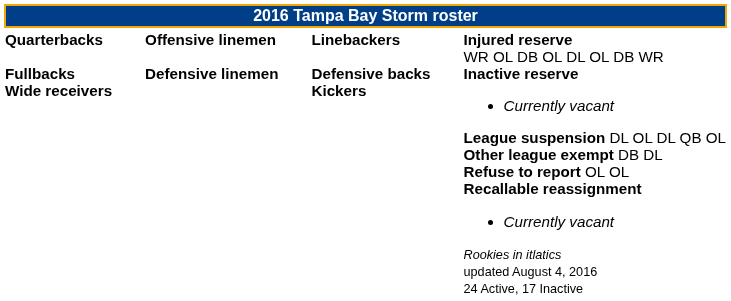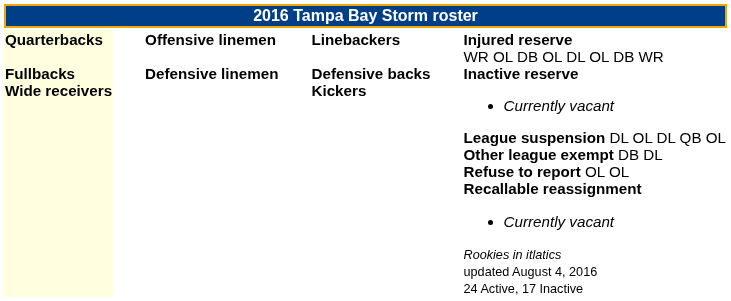 <table class="toccolours" style="text-align: left;">
 <tr>
 <th colspan=7 style="background:#003F87; border: 2px solid #F0A804; color:white; text-align:center;"><strong>2016 Tampa Bay Storm roster</strong></th>
 </tr>
 <tr>
-<td style="font-size: 95%;vertical-align:top;"><strong>Quarterbacks</strong><br> <br><strong>Fullbacks</strong> <br><strong>Wide receivers</strong>     </td>
+<td style="background: lightyellow; font-size: 95%;vertical-align:top;"><strong>Quarterbacks</strong><br> <br><strong>Fullbacks</strong> <br><strong>Wide receivers</strong>     </td>
 <td style="width: 25px;"></td>
 <td style="font-size: 95%;vertical-align:top;"><strong>Offensive linemen</strong><br>   <br><strong>Defensive linemen</strong>    </td>
 <td style="width: 25px;"></td>
 <td style="font-size: 95%;vertical-align:top;"><strong>Linebackers</strong><br><br><strong>Defensive backs</strong>      <br><strong>Kickers</strong> </td>
 <td style="width: 25px;"></td>
 <td style="font-size: 95%;vertical-align:top;"><strong>Injured reserve</strong><br> WR  OL  DB  OL  DL  OL  DB  WR<br><strong>Inactive reserve</strong><ul><li><em>Currently vacant</em></li></ul><strong>League suspension</strong>  DL  OL  DL  QB  OL<br><strong>Other league exempt</strong>  DB  DL<br><strong>Refuse to report</strong>  OL  OL<br><strong>Recallable reassignment</strong><ul><li><em>Currently vacant</em></li></ul><small><em>Rookies in itlatics</em><br> <span></span> updated August 4, 2016<br> 24 Active, 17 Inactive</small></td>
 </tr>
 <tr>
 </tr>
 </table>
